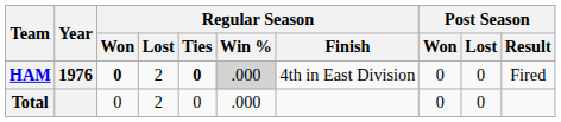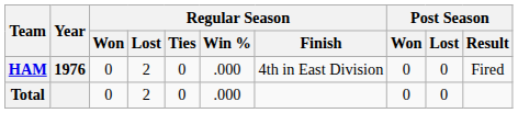 <table class="wikitable" style="font-size: 95%; text-align:center;">
 <tr>
 <th rowspan="2">Team</th>
 <th rowspan="2">Year</th>
 <th colspan="5">Regular Season</th>
 <th colspan="4">Post Season</th>
 </tr>
 <tr>
 <th>Won</th>
 <th>Lost</th>
 <th>Ties</th>
 <th>Win %</th>
 <th>Finish</th>
 <th>Won</th>
 <th>Lost</th>
 <th>Result</th>
 </tr>
 <tr>
 <th><a href='#'>HAM</a></th>
 <th>1976</th>
-<td><strong>0</strong></td>
+<td>0</td>
 <td>2</td>
-<td><strong>0</strong></td>
-<td style="background: lightgrey;">.000</td>
+<td>0</td>
+<td>.000</td>
 <td>4th in East Division</td>
 <td>0</td>
 <td>0</td>
 <td>Fired</td>
 </tr>
 <tr>
 <th>Total</th>
 <th></th>
 <td>0</td>
 <td>2</td>
 <td>0</td>
 <td>.000</td>
 <td></td>
 <td>0</td>
 <td>0</td>
 <td></td>
 </tr>
 </table>
